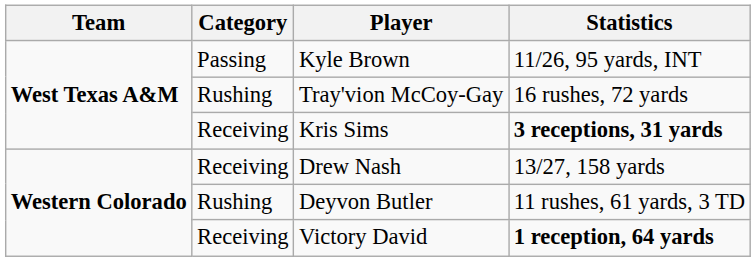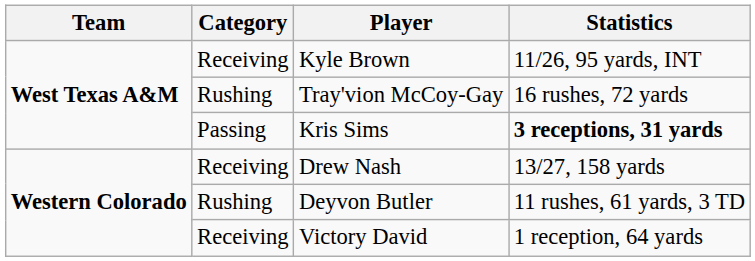 <table class="wikitable" style="float: right;">
 <tr>
 <th>Team</th>
 <th>Category</th>
 <th>Player</th>
 <th>Statistics</th>
 </tr>
 <tr>
 <td rowspan=3><strong>West Texas A&M</strong></td>
-<td>Passing</td>
+<td>Receiving</td>
 <td>Kyle Brown</td>
 <td>11/26, 95 yards, INT</td>
 </tr>
 <tr>
 <td>Rushing</td>
 <td>Tray'vion McCoy-Gay</td>
 <td>16 rushes, 72 yards</td>
 </tr>
 <tr>
-<td>Receiving</td>
+<td>Passing</td>
 <td>Kris Sims</td>
 <td><strong>3 receptions, 31 yards</strong></td>
 </tr>
 <tr>
 <td rowspan=3><strong>Western Colorado</strong></td>
 <td>Receiving</td>
 <td>Drew Nash</td>
 <td>13/27, 158 yards</td>
 </tr>
 <tr>
 <td>Rushing</td>
 <td>Deyvon Butler</td>
 <td>11 rushes, 61 yards, 3 TD</td>
 </tr>
 <tr>
 <td>Receiving</td>
 <td>Victory David</td>
-<td><strong>1 reception, 64 yards</strong></td>
+<td>1 reception, 64 yards</td>
 </tr>
 </table>
